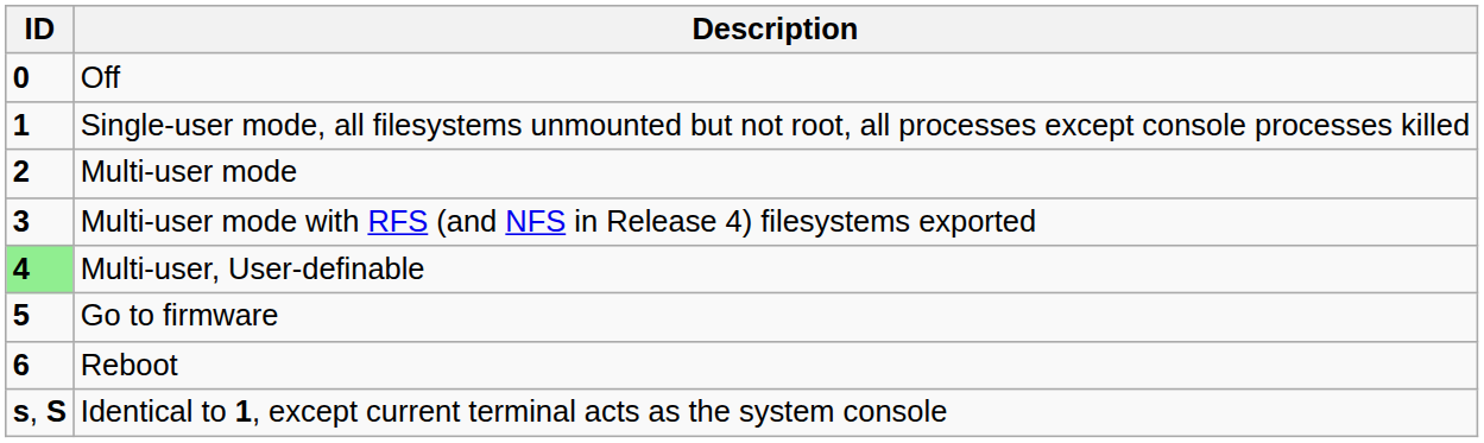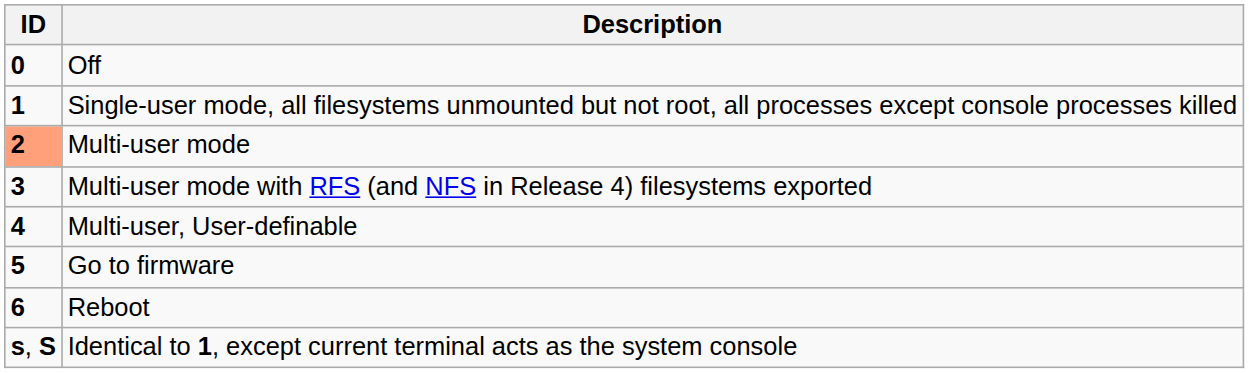 <table class="wikitable">
 <tr>
 <th>ID</th>
 <th>Description</th>
 </tr>
 <tr>
 <td><strong>0</strong></td>
 <td>Off</td>
 </tr>
 <tr>
 <td><strong>1</strong></td>
 <td>Single-user mode, all filesystems unmounted but not root, all processes except console processes killed</td>
 </tr>
 <tr>
-<td><strong>2</strong></td>
+<td style="background: lightsalmon;"><strong>2</strong></td>
 <td>Multi-user mode</td>
 </tr>
 <tr>
 <td><strong>3</strong></td>
 <td>Multi-user mode with <a href='#'>RFS</a> (and <a href='#'>NFS</a> in Release 4) filesystems exported</td>
 </tr>
 <tr>
-<td style="background: lightgreen;"><strong>4</strong></td>
+<td><strong>4</strong></td>
 <td>Multi-user, User-definable</td>
 </tr>
 <tr>
 <td><strong>5</strong></td>
 <td>Go to firmware</td>
 </tr>
 <tr>
 <td><strong>6</strong></td>
 <td>Reboot</td>
 </tr>
 <tr>
 <td><strong>s</strong>, <strong>S</strong></td>
 <td>Identical to <strong>1</strong>, except current terminal acts as the system console</td>
 </tr>
 </table>
